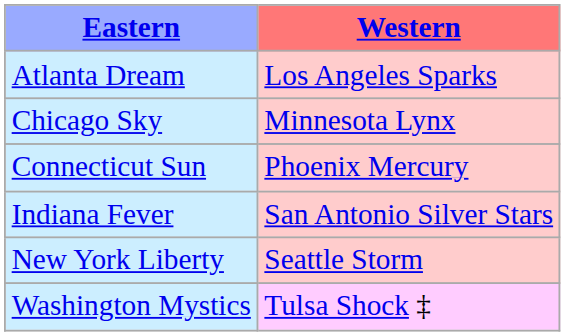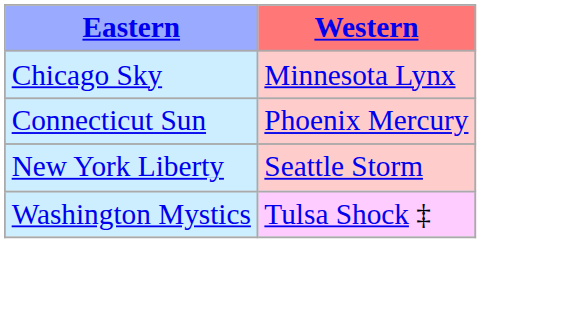 <table class="wikitable">
 <tr>
 <th style="background-color: #9AF;"><a href='#'>Eastern</a></th>
 <th style="background-color: #F77;"><a href='#'>Western</a></th>
-</tr>
-<tr>
-<td style="background-color: #CEF;"><a href='#'>Atlanta Dream</a></td>
-<td style="background-color: #FCC;"><a href='#'>Los Angeles Sparks</a></td>
 </tr>
 <tr>
 <td style="background-color: #CEF;"><a href='#'>Chicago Sky</a></td>
 <td style="background-color: #FCC;"><a href='#'>Minnesota Lynx</a></td>
 </tr>
 <tr>
 <td style="background-color: #CEF;"><a href='#'>Connecticut Sun</a></td>
 <td style="background-color: #FCC;"><a href='#'>Phoenix Mercury</a></td>
 </tr>
 <tr>
-<td style="background-color: #CEF;"><a href='#'>Indiana Fever</a></td>
-<td style="background-color: #FCC;"><a href='#'>San Antonio Silver Stars</a></td>
-</tr>
-<tr>
 <td style="background-color: #CEF;"><a href='#'>New York Liberty</a></td>
 <td style="background-color: #FCC;"><a href='#'>Seattle Storm</a></td>
 </tr>
 <tr>
 <td style="background-color: #CEF;"><a href='#'>Washington Mystics</a></td>
 <td style="background-color: #FCF;"><a href='#'>Tulsa Shock</a> ‡</td>
 </tr>
 </table>
